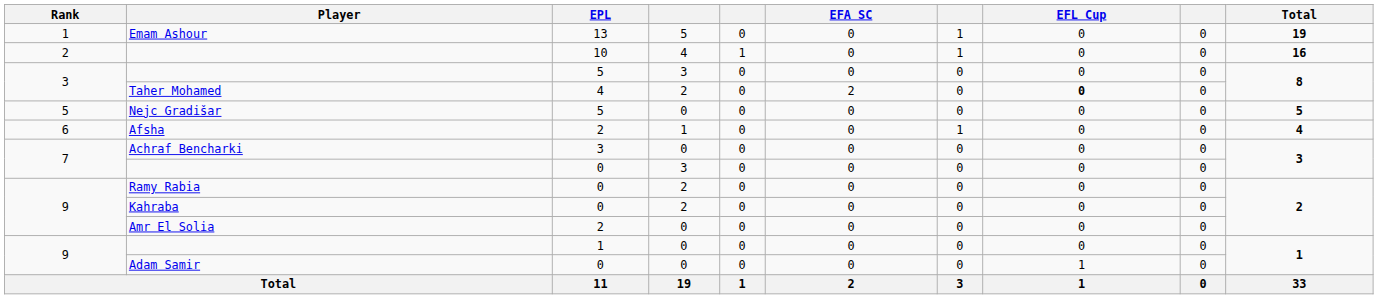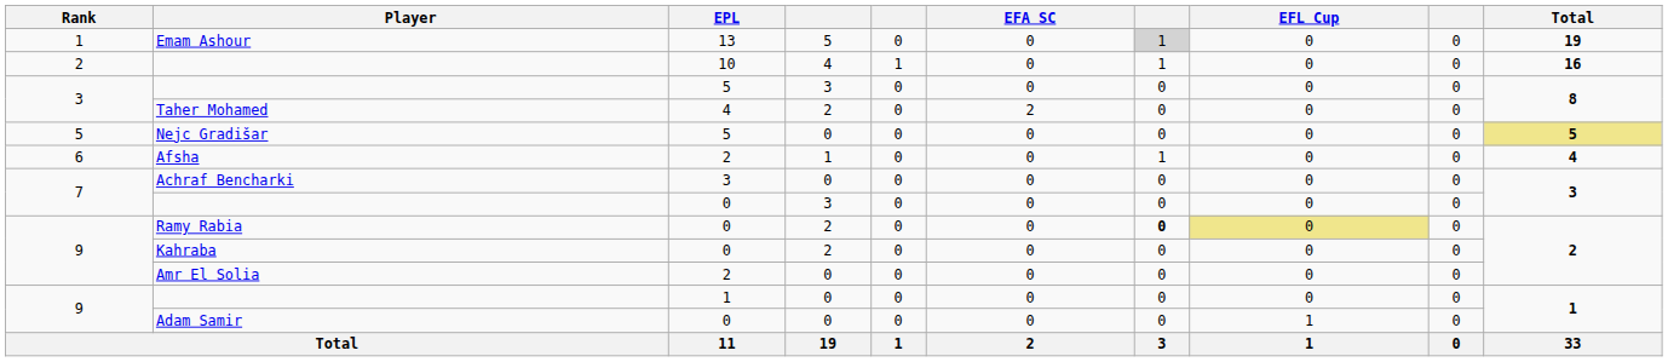 <table class="wikitable sortable" style="text-align:center; width:95%">
 <tr>
 <th style=background-color:#;color:#>Rank</th>
 <th style=background-color:#;color:#>Player</th>
 <th style=background-color:#;color:#><a href='#'>EPL</a></th>
 <th style=background-color:#;color:#></th>
 <th style=background-color:#;color:#></th>
 <th style=background-color:#;color:#><a href='#'>EFA SC</a></th>
 <th style=background-color:#;color:#></th>
 <th style=background-color:#;color:#><a href='#'>EFL Cup</a></th>
 <th style=background-color:#;color:#></th>
 <th style=background-color:#;color:#>Total</th>
 </tr>
 <tr>
 <td rowspan=1>1</td>
 <td align=left> <a href='#'>Emam Ashour</a></td>
 <td>13</td>
 <td>5</td>
 <td>0</td>
 <td>0</td>
-<td>1</td>
+<td style="background: lightgrey;">1</td>
 <td>0</td>
 <td>0</td>
 <td rowspan=1><strong>19</strong></td>
 </tr>
 <tr>
 <td rowspan=1>2</td>
 <td align=left></td>
 <td>10</td>
 <td>4</td>
 <td>1</td>
 <td>0</td>
 <td>1</td>
 <td>0</td>
 <td>0</td>
 <td rowspan=1><strong>16</strong></td>
 </tr>
 <tr>
 <td rowspan=2>3</td>
 <td align=left></td>
 <td>5</td>
 <td>3</td>
 <td>0</td>
 <td>0</td>
 <td>0</td>
 <td>0</td>
 <td>0</td>
 <td rowspan=2><strong>8</strong></td>
 </tr>
 <tr>
 <td align=left> <a href='#'>Taher Mohamed</a></td>
 <td>4</td>
 <td>2</td>
 <td>0</td>
 <td>2</td>
 <td>0</td>
-<td><strong>0</strong></td>
+<td>0</td>
 <td>0</td>
 </tr>
 <tr>
 <td rowspan=1>5</td>
 <td align=left> <a href='#'>Nejc Gradišar</a></td>
 <td>5</td>
 <td>0</td>
 <td>0</td>
 <td>0</td>
 <td>0</td>
 <td>0</td>
 <td>0</td>
-<td><strong>5</strong></td>
+<td style="background: khaki;"><strong>5</strong></td>
 </tr>
 <tr>
 <td rowspan=1>6</td>
 <td align=left> <a href='#'>Afsha</a></td>
 <td>2</td>
 <td>1</td>
 <td>0</td>
 <td>0</td>
 <td>1</td>
 <td>0</td>
 <td>0</td>
 <td><strong>4</strong></td>
 </tr>
 <tr>
 <td rowspan=2>7</td>
 <td align=left> <a href='#'>Achraf Bencharki</a></td>
 <td>3</td>
 <td>0</td>
 <td>0</td>
 <td>0</td>
 <td>0</td>
 <td>0</td>
 <td>0</td>
 <td rowspan=2><strong>3</strong></td>
 </tr>
 <tr>
 <td align=left></td>
 <td>0</td>
 <td>3</td>
 <td>0</td>
 <td>0</td>
 <td>0</td>
 <td>0</td>
 <td>0</td>
 </tr>
 <tr>
 <td rowspan=3>9</td>
 <td align=left> <a href='#'>Ramy Rabia</a></td>
 <td>0</td>
 <td>2</td>
 <td>0</td>
 <td>0</td>
-<td>0</td>
-<td>0</td>
+<td><strong>0</strong></td>
+<td style="background: khaki;">0</td>
 <td>0</td>
 <td rowspan=3><strong>2</strong></td>
 </tr>
 <tr>
 <td align=left> <a href='#'>Kahraba</a></td>
 <td>0</td>
 <td>2</td>
 <td>0</td>
 <td>0</td>
 <td>0</td>
 <td>0</td>
 <td>0</td>
 </tr>
 <tr>
 <td align=left> <a href='#'>Amr El Solia</a></td>
 <td>2</td>
 <td>0</td>
 <td>0</td>
 <td>0</td>
 <td>0</td>
 <td>0</td>
 <td>0</td>
 </tr>
 <tr>
 <td rowspan=2>9</td>
 <td align=left></td>
 <td>1</td>
 <td>0</td>
 <td>0</td>
 <td>0</td>
 <td>0</td>
 <td>0</td>
 <td>0</td>
 <td rowspan=2><strong>1</strong></td>
 </tr>
 <tr>
 <td align=left> <a href='#'>Adam Samir</a></td>
 <td>0</td>
 <td>0</td>
 <td>0</td>
 <td>0</td>
 <td>0</td>
 <td>1</td>
 <td>0</td>
 </tr>
 <tr>
 <th colspan=2>Total</th>
 <th>11</th>
 <th>19</th>
 <th>1</th>
 <th>2</th>
 <th>3</th>
 <th>1</th>
 <th>0</th>
 <th>33</th>
 </tr>
 </table>
